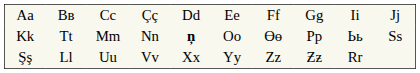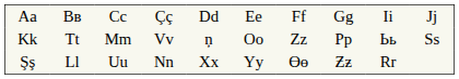 <table style="font-family:Arial Unicode MS; font-size:1.4em; border-color:#000000; border-width:1px; border-style:solid; border-collapse:collapse; text-align:right; background-color:#F8F8EF">
 <tr>
 <td style="width:3em; text-align:center; padding: 3px;">Aa</td>
 <td style="width:3em; text-align:center; padding: 3px;">Bʙ</td>
 <td style="width:3em; text-align:center; padding: 3px;">Cc</td>
 <td style="width:3em; text-align:center; padding: 3px;">Çç</td>
 <td style="width:3em; text-align:center; padding: 3px;">Dd</td>
 <td style="width:3em; text-align:center; padding: 3px;">Ee</td>
 <td style="width:3em; text-align:center; padding: 3px;">Ff</td>
 <td style="width:3em; text-align:center; padding: 3px;">Gg</td>
 <td style="width:3em; text-align:center; padding: 3px;">Ii</td>
 <td style="width:3em; text-align:center; padding: 3px;">Jj</td>
 </tr>
 <tr>
 <td style="width:3em; text-align:center; padding: 3px;">Kk</td>
 <td style="width:3em; text-align:center; padding: 3px;">Tt</td>
 <td style="width:3em; text-align:center; padding: 3px;">Mm</td>
-<td style="width:3em; text-align:center; padding: 3px;">Nn</td>
-<td style="width:3em; text-align:center; padding: 3px;"><strong>ņ</strong></td>
+<td style="width:3em; text-align:center; padding: 3px;">Vv</td>
+<td style="width:3em; text-align:center; padding: 3px;">ņ</td>
 <td style="width:3em; text-align:center; padding: 3px;">Oo</td>
-<td style="width:3em; text-align:center; padding: 3px;">Ɵɵ</td>
+<td style="width:3em; text-align:center; padding: 3px;">Zz</td>
 <td style="width:3em; text-align:center; padding: 3px;">Pp</td>
 <td style="width:3em; text-align:center; padding: 3px;">Ьь</td>
 <td style="width:3em; text-align:center; padding: 3px;">Ss</td>
 </tr>
 <tr>
 <td style="width:3em; text-align:center; padding: 3px;">Şş</td>
 <td style="width:3em; text-align:center; padding: 3px;">Ll</td>
 <td style="width:3em; text-align:center; padding: 3px;">Uu</td>
-<td style="width:3em; text-align:center; padding: 3px;">Vv</td>
+<td style="width:3em; text-align:center; padding: 3px;">Nn</td>
 <td style="width:3em; text-align:center; padding: 3px;">Xx</td>
 <td style="width:3em; text-align:center; padding: 3px;">Yy</td>
-<td style="width:3em; text-align:center; padding: 3px;">Zz</td>
+<td style="width:3em; text-align:center; padding: 3px;">Ɵɵ</td>
 <td style="width:3em; text-align:center; padding: 3px;">Ƶƶ</td>
 <td style="width:3em; text-align:center; padding: 3px;">Rr</td>
 <td style="width:3em; text-align:center; padding: 3px;"></td>
 </tr>
 </table>
